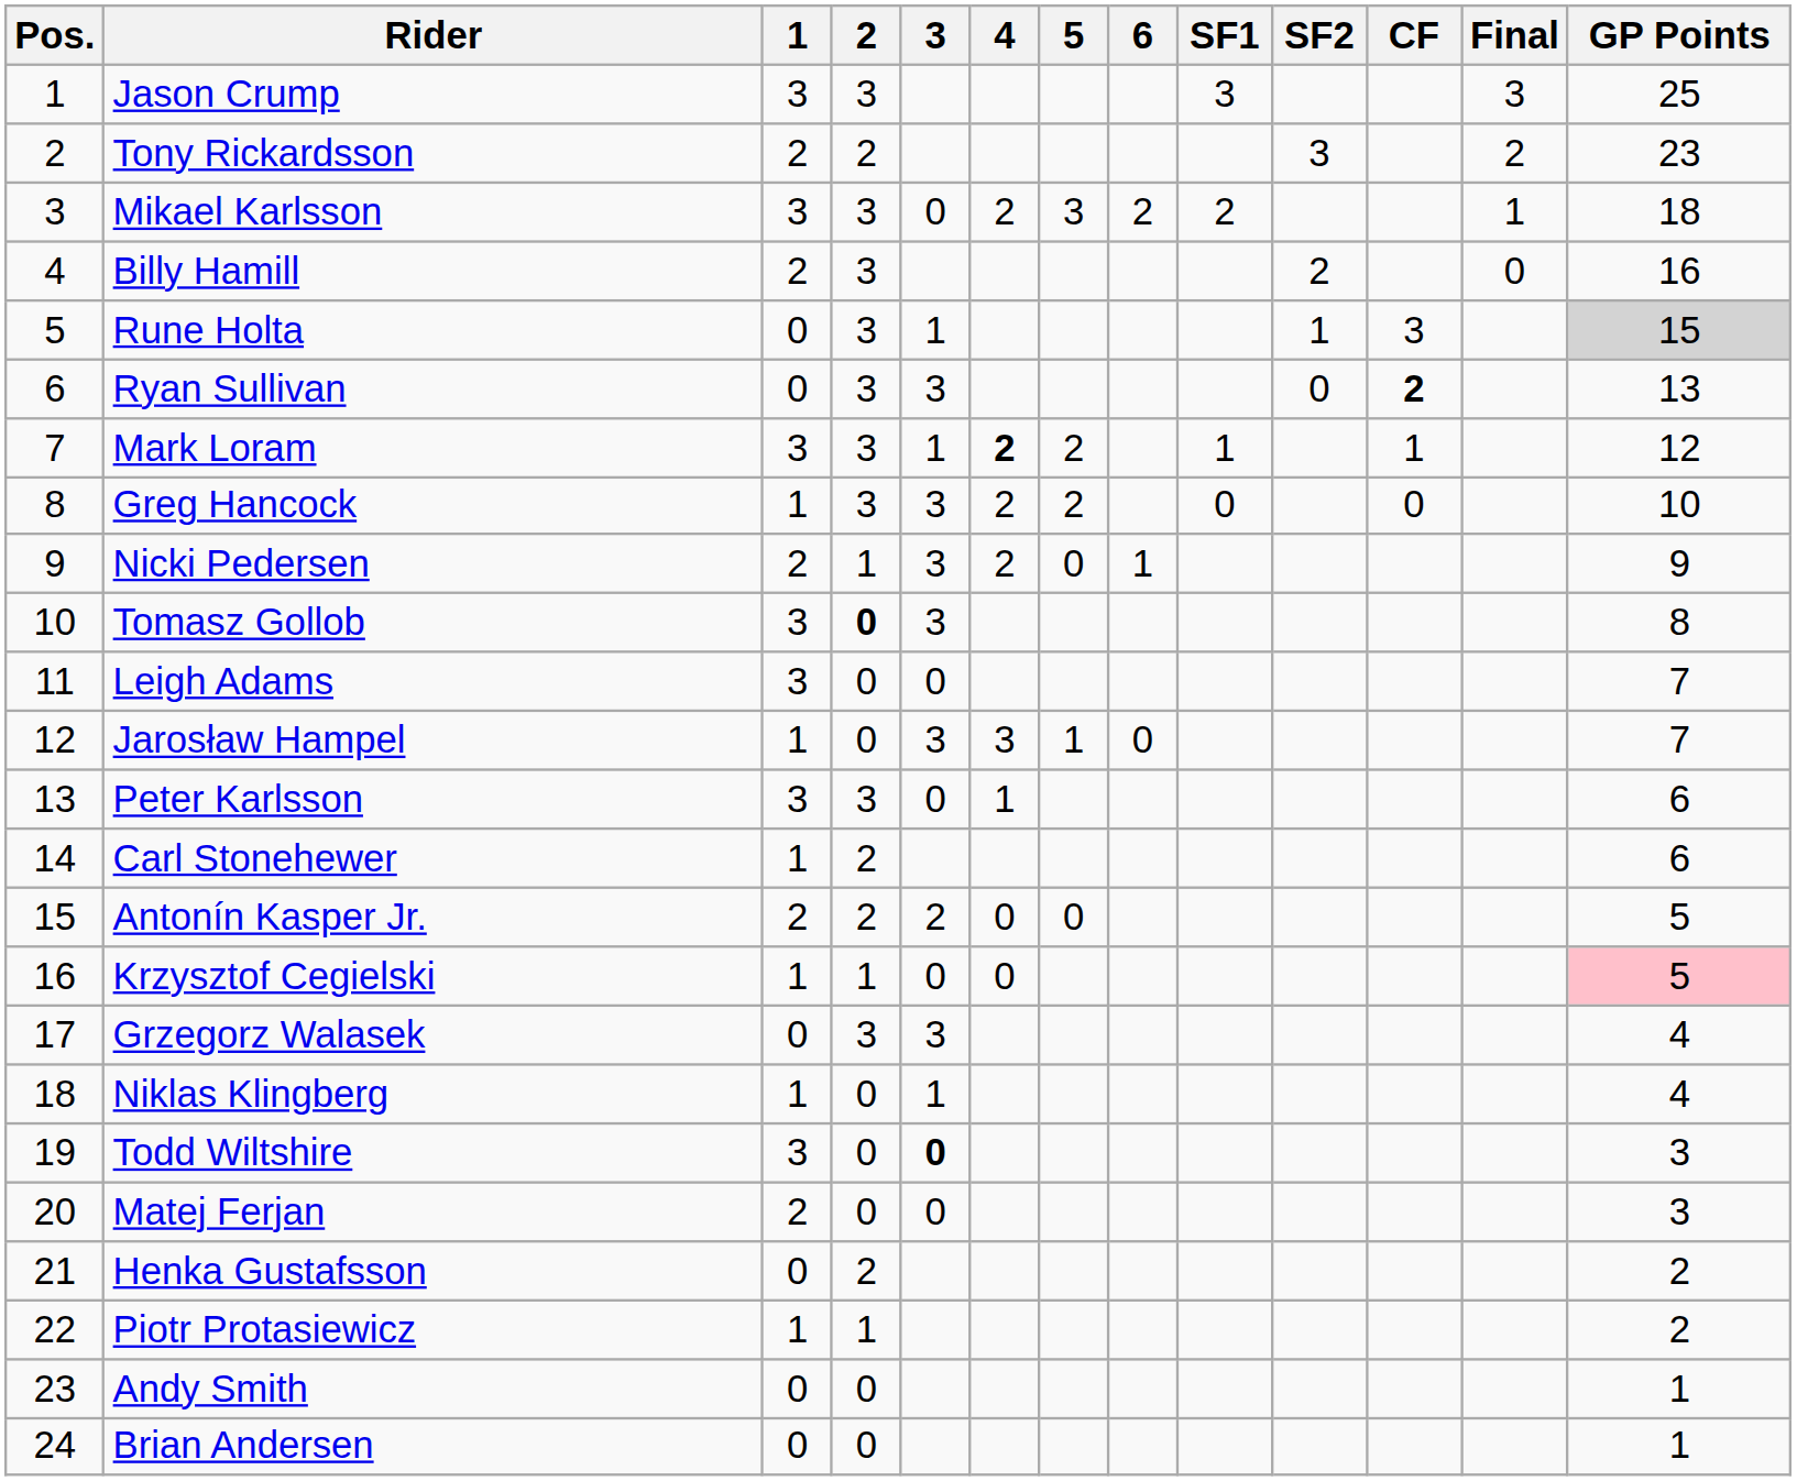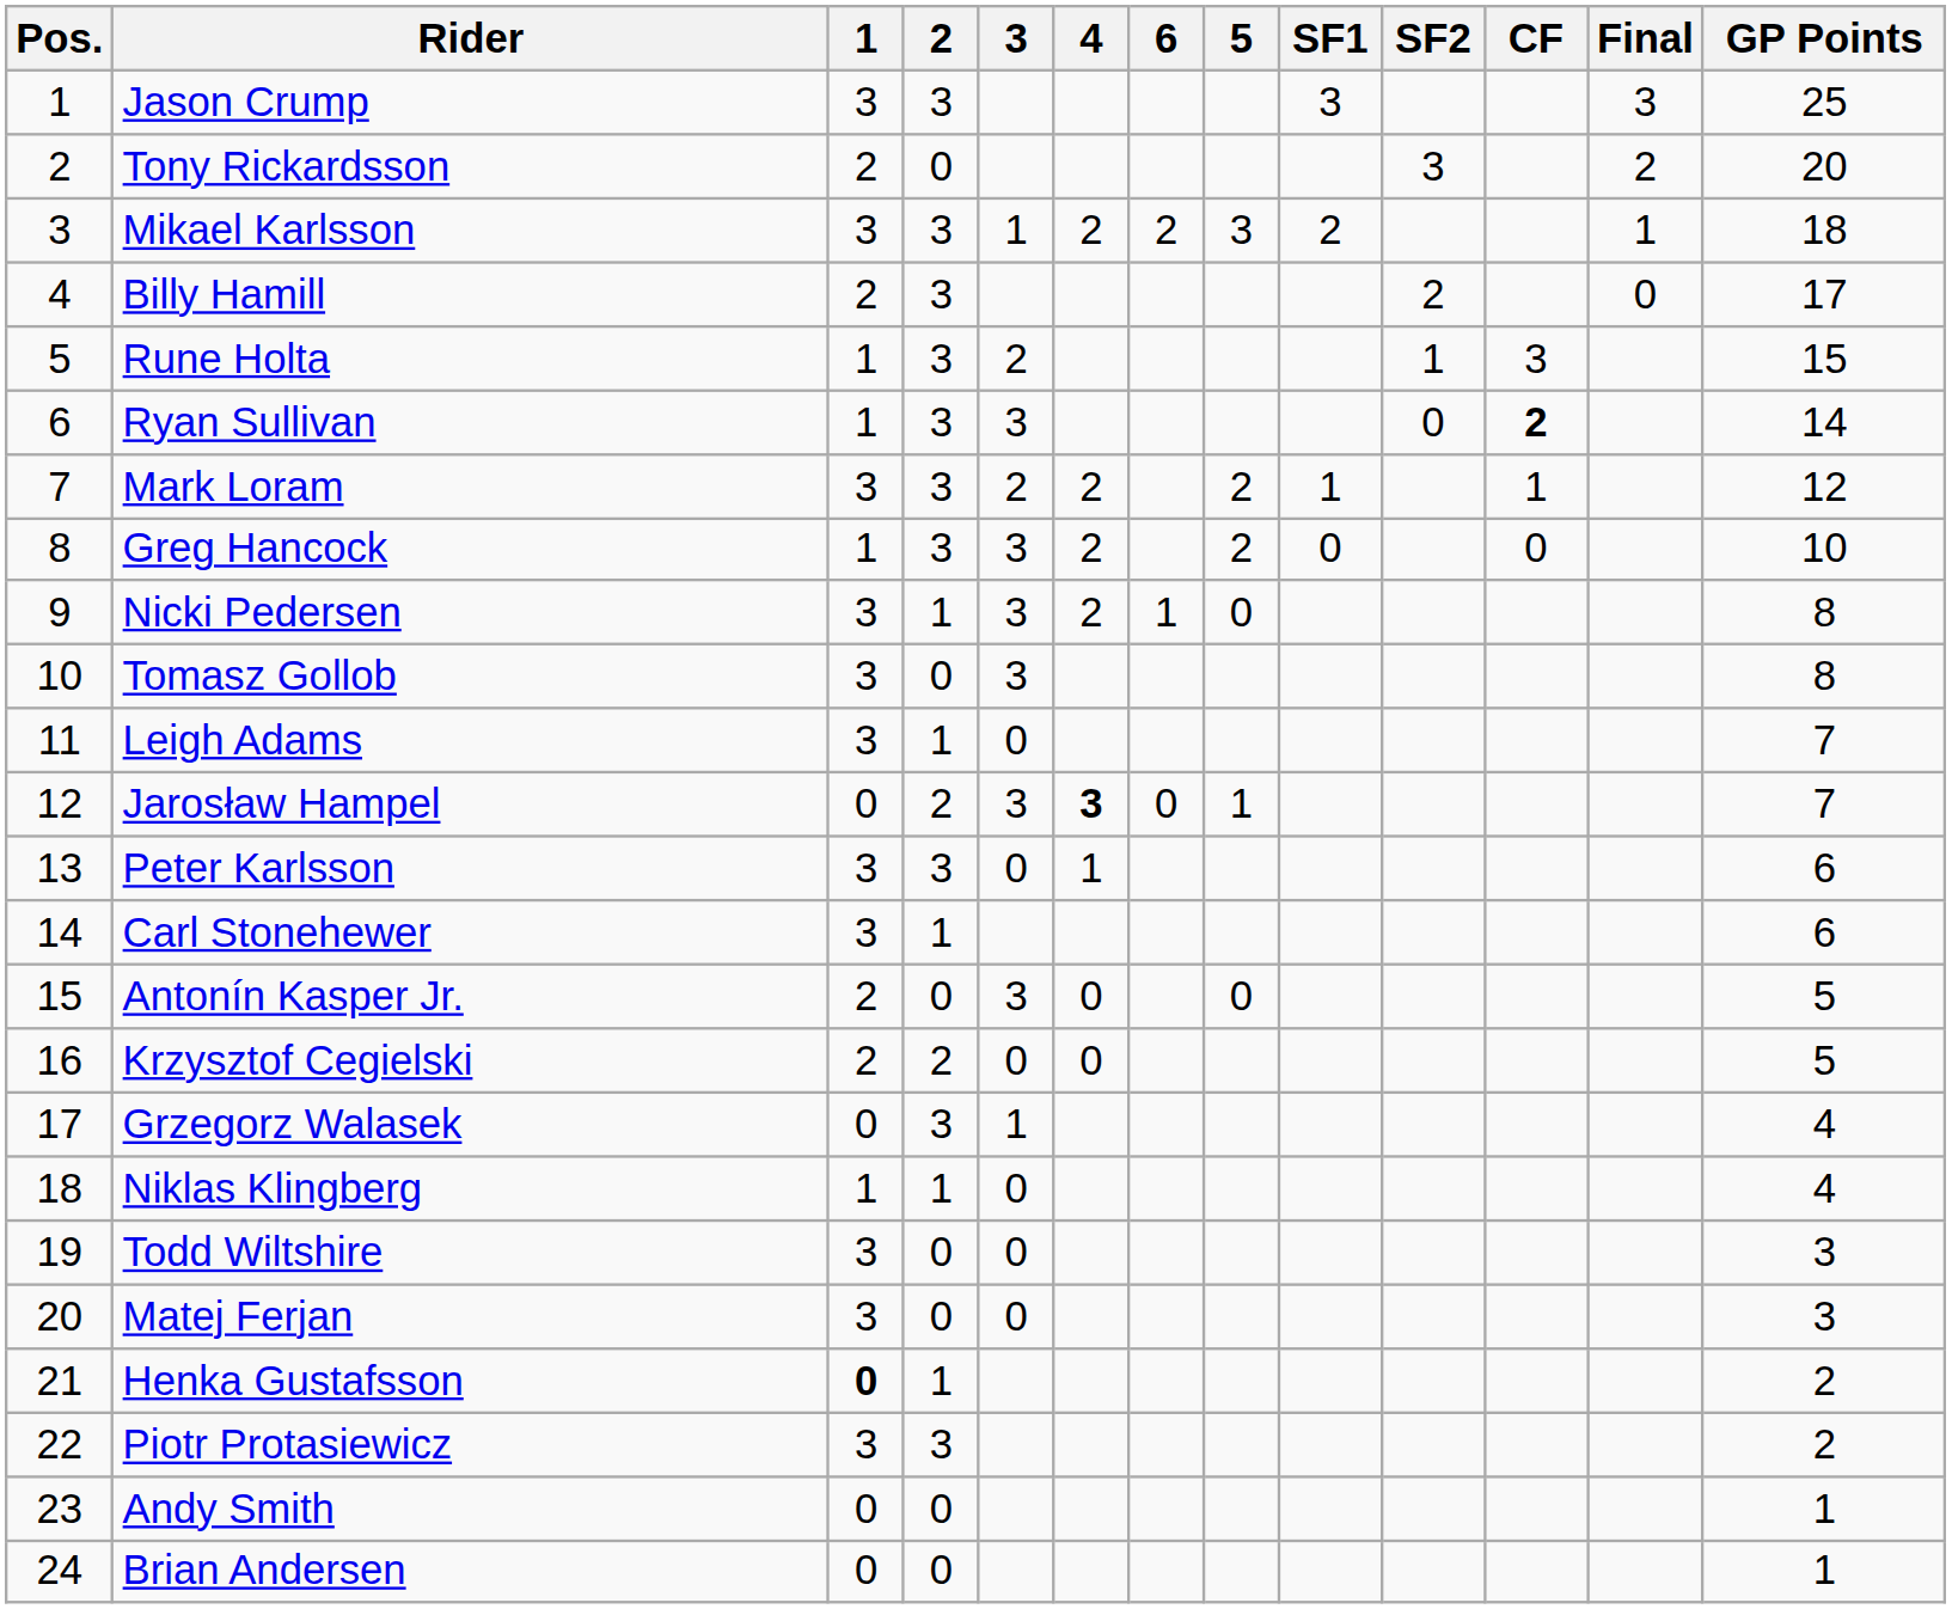 <table class=wikitable style="font-size:93%;">
 <tr>
 <th width=25px>Pos.</th>
 <th width=250px>Rider</th>
 <th width=20px>1</th>
 <th width=20px>2</th>
 <th width=20px>3</th>
 <th width=20px>4</th>
+<th width=20px>6</th>
 <th width=20px>5</th>
-<th width=20px>6</th>
 <th width=30px>SF1</th>
 <th width=30px>SF2</th>
 <th width=30px>CF</th>
 <th width=30px>Final</th>
 <th width=80px>GP Points</th>
 </tr>
 <tr align=center style="background-color:">
 <td>1</td>
 <td align=left> <a href='#'>Jason Crump</a></td>
 <td>3</td>
 <td>3</td>
 <td></td>
 <td></td>
 <td></td>
 <td></td>
 <td>3</td>
 <td></td>
 <td></td>
 <td>3</td>
 <td>25</td>
 </tr>
 <tr align=center style="background-color:">
 <td>2</td>
 <td align=left> <a href='#'>Tony Rickardsson</a></td>
 <td>2</td>
-<td>2</td>
+<td>0</td>
 <td></td>
 <td></td>
 <td></td>
 <td></td>
 <td></td>
 <td>3</td>
 <td></td>
 <td>2</td>
-<td>23</td>
+<td>20</td>
 </tr>
 <tr align=center style="background-color:">
 <td>3</td>
 <td align=left> <a href='#'>Mikael Karlsson</a></td>
 <td>3</td>
 <td>3</td>
-<td>0</td>
+<td>1</td>
+<td>2</td>
 <td>2</td>
 <td>3</td>
-<td>2</td>
 <td>2</td>
 <td></td>
 <td></td>
 <td>1</td>
 <td>18</td>
 </tr>
 <tr align=center>
 <td>4</td>
 <td align=left> <a href='#'>Billy Hamill</a></td>
 <td>2</td>
 <td>3</td>
 <td></td>
 <td></td>
 <td></td>
 <td></td>
 <td></td>
 <td>2</td>
 <td></td>
 <td>0</td>
-<td>16</td>
+<td>17</td>
 </tr>
 <tr align=center>
 <td>5</td>
 <td align=left> <a href='#'>Rune Holta</a></td>
-<td>0</td>
+<td>1</td>
 <td>3</td>
-<td>1</td>
+<td>2</td>
 <td></td>
 <td></td>
 <td></td>
 <td></td>
 <td>1</td>
 <td>3</td>
 <td></td>
-<td style="background: lightgrey;">15</td>
+<td>15</td>
 </tr>
 <tr align=center>
 <td>6</td>
 <td align=left> <a href='#'>Ryan Sullivan</a></td>
-<td>0</td>
+<td>1</td>
 <td>3</td>
 <td>3</td>
 <td></td>
 <td></td>
 <td></td>
 <td></td>
 <td>0</td>
 <td><strong>2</strong></td>
 <td></td>
-<td>13</td>
+<td>14</td>
 </tr>
 <tr align=center>
 <td>7</td>
 <td align=left> <a href='#'>Mark Loram</a></td>
 <td>3</td>
 <td>3</td>
-<td>1</td>
-<td><strong>2</strong></td>
+<td>2</td>
 <td>2</td>
 <td></td>
+<td>2</td>
 <td>1</td>
 <td></td>
 <td>1</td>
 <td></td>
 <td>12</td>
 </tr>
 <tr align=center>
 <td>8</td>
 <td align=left> <a href='#'>Greg Hancock</a></td>
 <td>1</td>
 <td>3</td>
 <td>3</td>
 <td>2</td>
+<td></td>
 <td>2</td>
-<td></td>
 <td>0</td>
 <td></td>
 <td>0</td>
 <td></td>
 <td>10</td>
 </tr>
 <tr align=center>
 <td>9</td>
 <td align=left> <a href='#'>Nicki Pedersen</a></td>
-<td>2</td>
+<td>3</td>
 <td>1</td>
 <td>3</td>
 <td>2</td>
+<td>1</td>
 <td>0</td>
-<td>1</td>
 <td></td>
 <td></td>
 <td></td>
 <td></td>
-<td>9</td>
+<td>8</td>
 </tr>
 <tr align=center>
 <td>10</td>
 <td align=left> <a href='#'>Tomasz Gollob</a></td>
 <td>3</td>
-<td><strong>0</strong></td>
+<td>0</td>
 <td>3</td>
 <td></td>
 <td></td>
 <td></td>
 <td></td>
 <td></td>
 <td></td>
 <td></td>
 <td>8</td>
 </tr>
 <tr align=center>
 <td>11</td>
 <td align=left> <a href='#'>Leigh Adams</a></td>
 <td>3</td>
-<td>0</td>
+<td>1</td>
 <td>0</td>
 <td></td>
 <td></td>
 <td></td>
 <td></td>
 <td></td>
 <td></td>
 <td></td>
 <td>7</td>
 </tr>
 <tr align=center>
 <td>12</td>
 <td align=left> <a href='#'>Jarosław Hampel</a></td>
+<td>0</td>
+<td>2</td>
+<td>3</td>
+<td><strong>3</strong></td>
+<td>0</td>
 <td>1</td>
-<td>0</td>
-<td>3</td>
-<td>3</td>
-<td>1</td>
-<td>0</td>
 <td></td>
 <td></td>
 <td></td>
 <td></td>
 <td>7</td>
 </tr>
 <tr align=center>
 <td>13</td>
 <td align=left> <a href='#'>Peter Karlsson</a></td>
 <td>3</td>
 <td>3</td>
 <td>0</td>
 <td>1</td>
 <td></td>
 <td></td>
 <td></td>
 <td></td>
 <td></td>
 <td></td>
 <td>6</td>
 </tr>
 <tr align=center>
 <td>14</td>
 <td align=left> <a href='#'>Carl Stonehewer</a></td>
+<td>3</td>
 <td>1</td>
-<td>2</td>
 <td></td>
 <td></td>
 <td></td>
 <td></td>
 <td></td>
 <td></td>
 <td></td>
 <td></td>
 <td>6</td>
 </tr>
 <tr align=center>
 <td>15</td>
 <td align=left> <a href='#'>Antonín Kasper Jr.</a></td>
 <td>2</td>
+<td>0</td>
+<td>3</td>
+<td>0</td>
+<td></td>
+<td>0</td>
+<td></td>
+<td></td>
+<td></td>
+<td></td>
+<td>5</td>
+</tr>
+<tr align=center>
+<td>16</td>
+<td align=left> <a href='#'>Krzysztof Cegielski</a></td>
 <td>2</td>
 <td>2</td>
 <td>0</td>
 <td>0</td>
 <td></td>
 <td></td>
 <td></td>
 <td></td>
 <td></td>
+<td></td>
 <td>5</td>
-</tr>
-<tr align=center>
-<td>16</td>
-<td align=left> <a href='#'>Krzysztof Cegielski</a></td>
-<td>1</td>
-<td>1</td>
-<td>0</td>
-<td>0</td>
-<td></td>
-<td></td>
-<td></td>
-<td></td>
-<td></td>
-<td></td>
-<td style="background: pink;">5</td>
 </tr>
 <tr align=center>
 <td>17</td>
 <td align=left> <a href='#'>Grzegorz Walasek</a></td>
 <td>0</td>
 <td>3</td>
-<td>3</td>
+<td>1</td>
 <td></td>
 <td></td>
 <td></td>
 <td></td>
 <td></td>
 <td></td>
 <td></td>
 <td>4</td>
 </tr>
 <tr align=center>
 <td>18</td>
 <td align=left> <a href='#'>Niklas Klingberg</a></td>
 <td>1</td>
+<td>1</td>
 <td>0</td>
-<td>1</td>
 <td></td>
 <td></td>
 <td></td>
 <td></td>
 <td></td>
 <td></td>
 <td></td>
 <td>4</td>
 </tr>
 <tr align=center>
 <td>19</td>
 <td align=left> <a href='#'>Todd Wiltshire</a></td>
 <td>3</td>
 <td>0</td>
-<td><strong>0</strong></td>
+<td>0</td>
 <td></td>
 <td></td>
 <td></td>
 <td></td>
 <td></td>
 <td></td>
 <td></td>
 <td>3</td>
 </tr>
 <tr align=center>
 <td>20</td>
 <td align=left> <a href='#'>Matej Ferjan</a></td>
-<td>2</td>
+<td>3</td>
 <td>0</td>
 <td>0</td>
 <td></td>
 <td></td>
 <td></td>
 <td></td>
 <td></td>
 <td></td>
 <td></td>
 <td>3</td>
 </tr>
 <tr align=center>
 <td>21</td>
 <td align=left> <a href='#'>Henka Gustafsson</a></td>
-<td>0</td>
-<td>2</td>
+<td><strong>0</strong></td>
+<td>1</td>
 <td></td>
 <td></td>
 <td></td>
 <td></td>
 <td></td>
 <td></td>
 <td></td>
 <td></td>
 <td>2</td>
 </tr>
 <tr align=center>
 <td>22</td>
 <td align=left> <a href='#'>Piotr Protasiewicz</a></td>
-<td>1</td>
-<td>1</td>
+<td>3</td>
+<td>3</td>
 <td></td>
 <td></td>
 <td></td>
 <td></td>
 <td></td>
 <td></td>
 <td></td>
 <td></td>
 <td>2</td>
 </tr>
 <tr align=center>
 <td>23</td>
 <td align=left> <a href='#'>Andy Smith</a></td>
 <td>0</td>
 <td>0</td>
 <td></td>
 <td></td>
 <td></td>
 <td></td>
 <td></td>
 <td></td>
 <td></td>
 <td></td>
 <td>1</td>
 </tr>
 <tr align=center>
 <td>24</td>
 <td align=left> <a href='#'>Brian Andersen</a></td>
 <td>0</td>
 <td>0</td>
 <td></td>
 <td></td>
 <td></td>
 <td></td>
 <td></td>
 <td></td>
 <td></td>
 <td></td>
 <td>1</td>
 </tr>
 </table>
